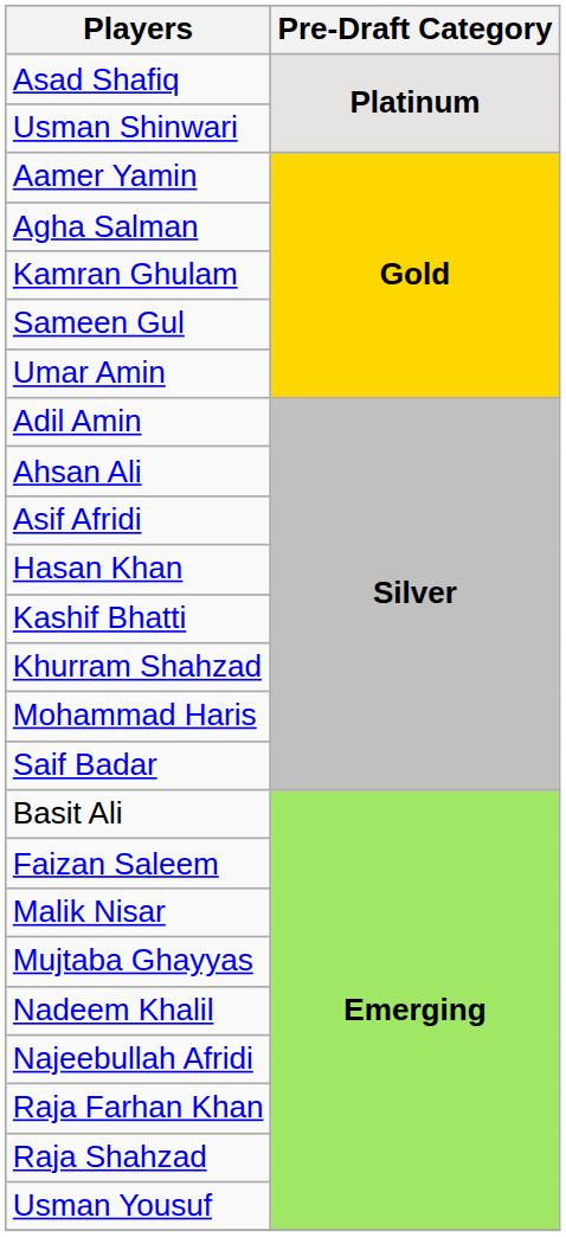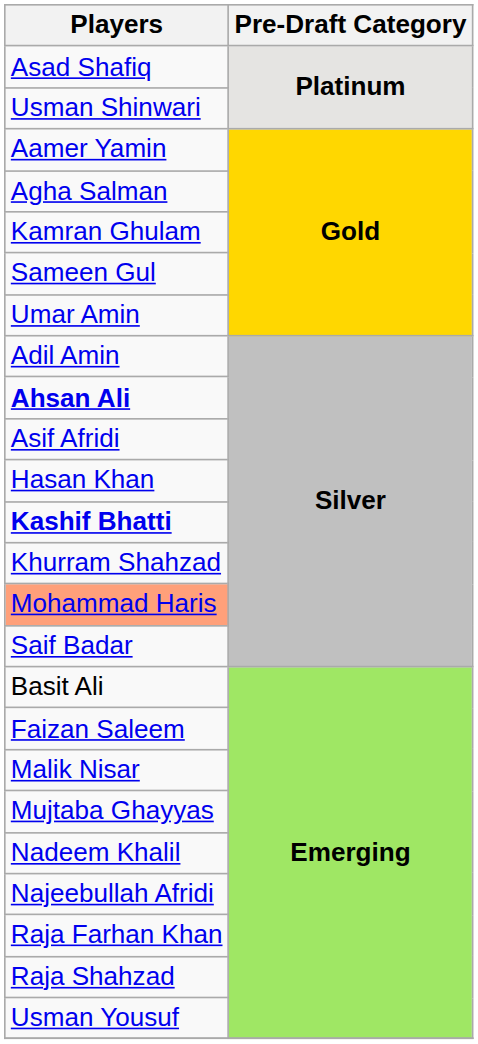 <table class="wikitable sortable">
 <tr>
 <th>Players</th>
 <th>Pre-Draft Category</th>
 </tr>
 <tr>
 <td> <a href='#'>Asad Shafiq</a></td>
 <td rowspan="2" style="background:#E5E4E2;text-align:center"><strong>Platinum</strong></td>
 </tr>
 <tr>
 <td> <a href='#'>Usman Shinwari</a></td>
 </tr>
 <tr>
 <td> <a href='#'>Aamer Yamin</a></td>
 <td rowspan="5" style="background:gold;text-align:center"><strong>Gold</strong></td>
 </tr>
 <tr>
 <td> <a href='#'>Agha Salman</a></td>
 </tr>
 <tr>
 <td> <a href='#'>Kamran Ghulam</a></td>
 </tr>
 <tr>
 <td> <a href='#'>Sameen Gul</a></td>
 </tr>
 <tr>
 <td> <a href='#'>Umar Amin</a></td>
 </tr>
 <tr>
 <td> <a href='#'>Adil Amin</a></td>
 <td rowspan="8" style="background:#C0C0C0;text-align:center"><strong>Silver</strong></td>
 </tr>
 <tr>
-<td> <a href='#'>Ahsan Ali</a></td>
+<td><strong> <a href='#'>Ahsan Ali</a></strong></td>
 </tr>
 <tr>
 <td> <a href='#'>Asif Afridi</a></td>
 </tr>
 <tr>
 <td> <a href='#'>Hasan Khan</a></td>
 </tr>
 <tr>
-<td> <a href='#'>Kashif Bhatti</a></td>
+<td><strong> <a href='#'>Kashif Bhatti</a></strong></td>
 </tr>
 <tr>
 <td> <a href='#'>Khurram Shahzad</a></td>
 </tr>
 <tr>
-<td> <a href='#'>Mohammad Haris</a></td>
+<td style="background: lightsalmon;"> <a href='#'>Mohammad Haris</a></td>
 </tr>
 <tr>
 <td> <a href='#'>Saif Badar</a></td>
 </tr>
 <tr>
 <td> Basit Ali</td>
 <td rowspan="9" style="background:#9FE764;text-align:center"><strong>Emerging</strong></td>
 </tr>
 <tr>
 <td> <a href='#'>Faizan Saleem</a></td>
 </tr>
 <tr>
 <td> <a href='#'>Malik Nisar</a></td>
 </tr>
 <tr>
 <td> <a href='#'>Mujtaba Ghayyas</a></td>
 </tr>
 <tr>
 <td> <a href='#'>Nadeem Khalil</a></td>
 </tr>
 <tr>
 <td> <a href='#'>Najeebullah Afridi</a></td>
 </tr>
 <tr>
 <td> <a href='#'>Raja Farhan Khan</a></td>
 </tr>
 <tr>
 <td> <a href='#'>Raja Shahzad</a></td>
 </tr>
 <tr>
 <td> <a href='#'>Usman Yousuf</a></td>
 </tr>
 <tr>
 </tr>
 </table>
